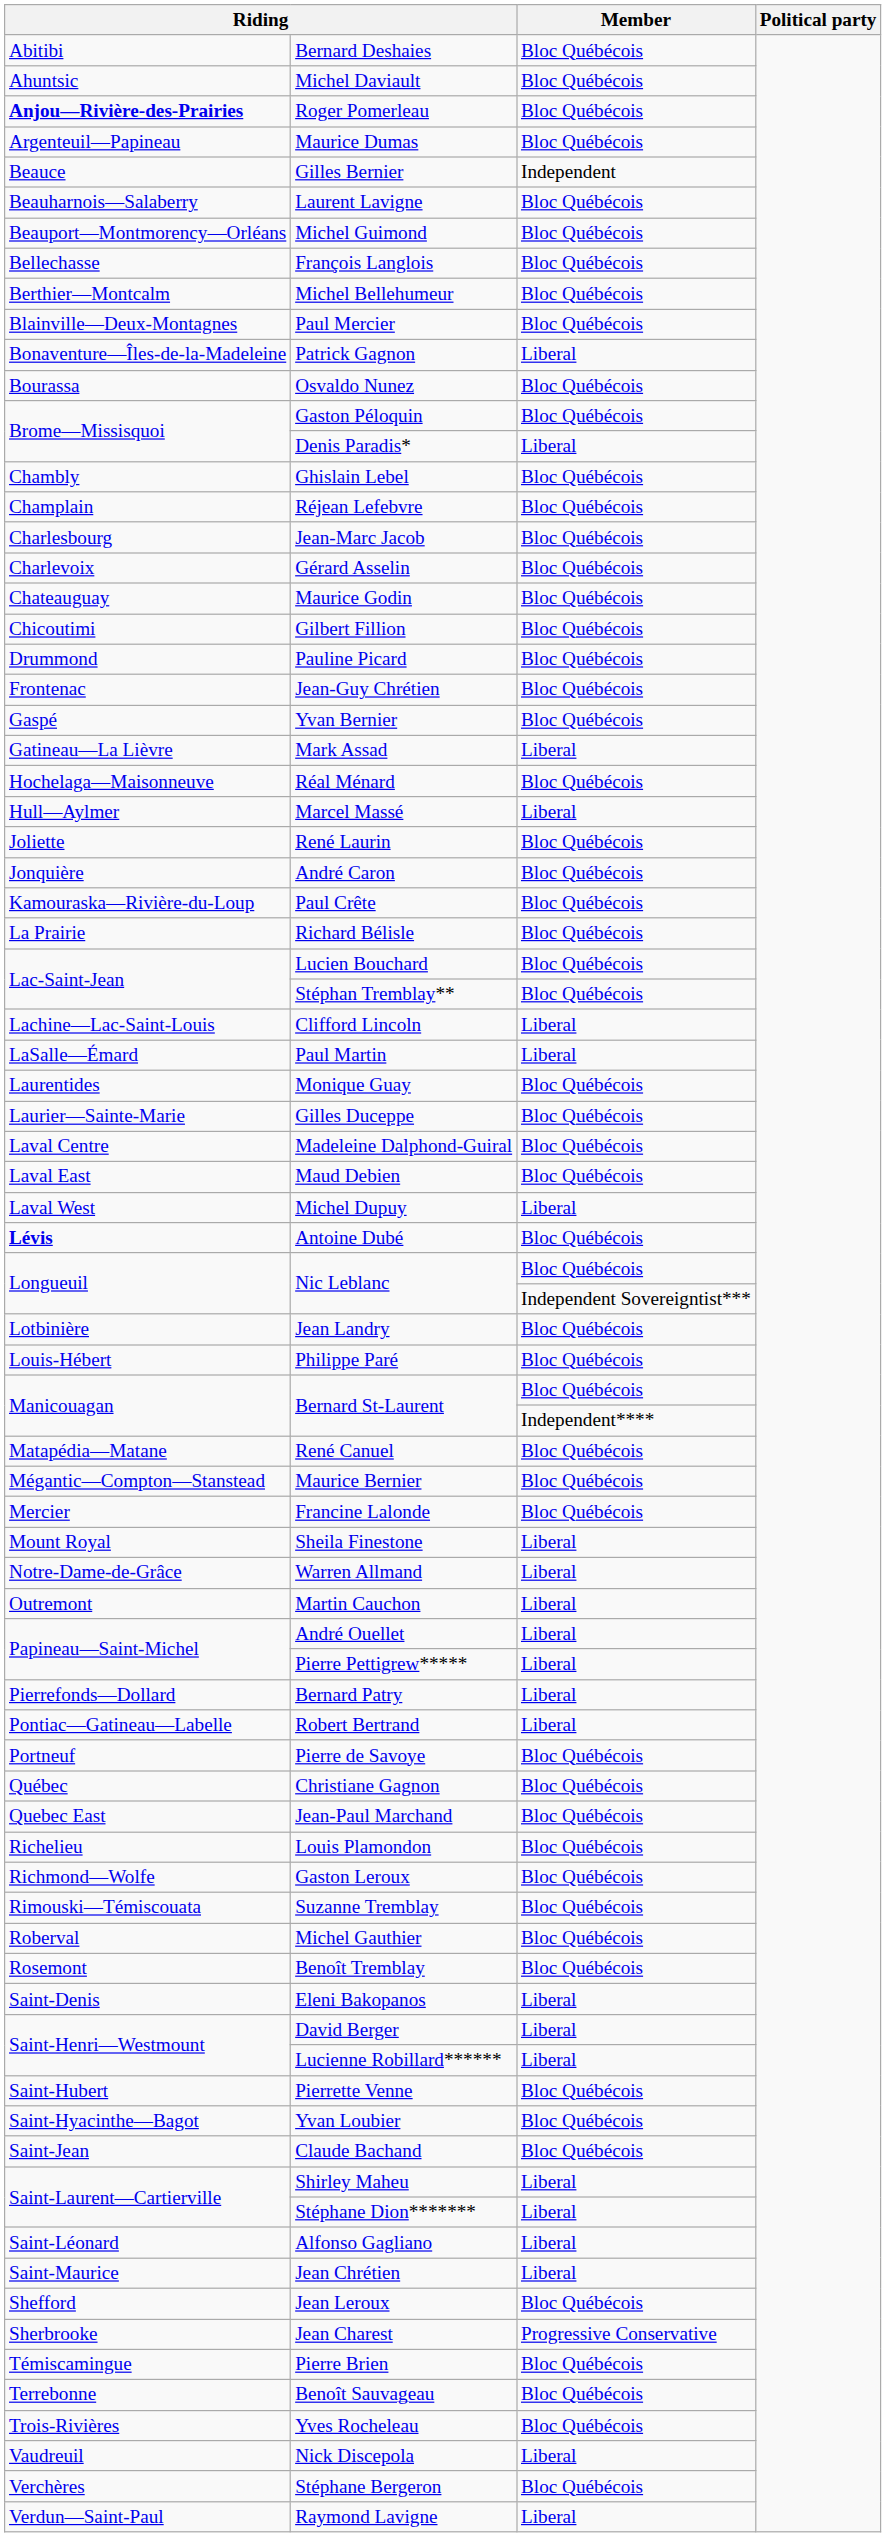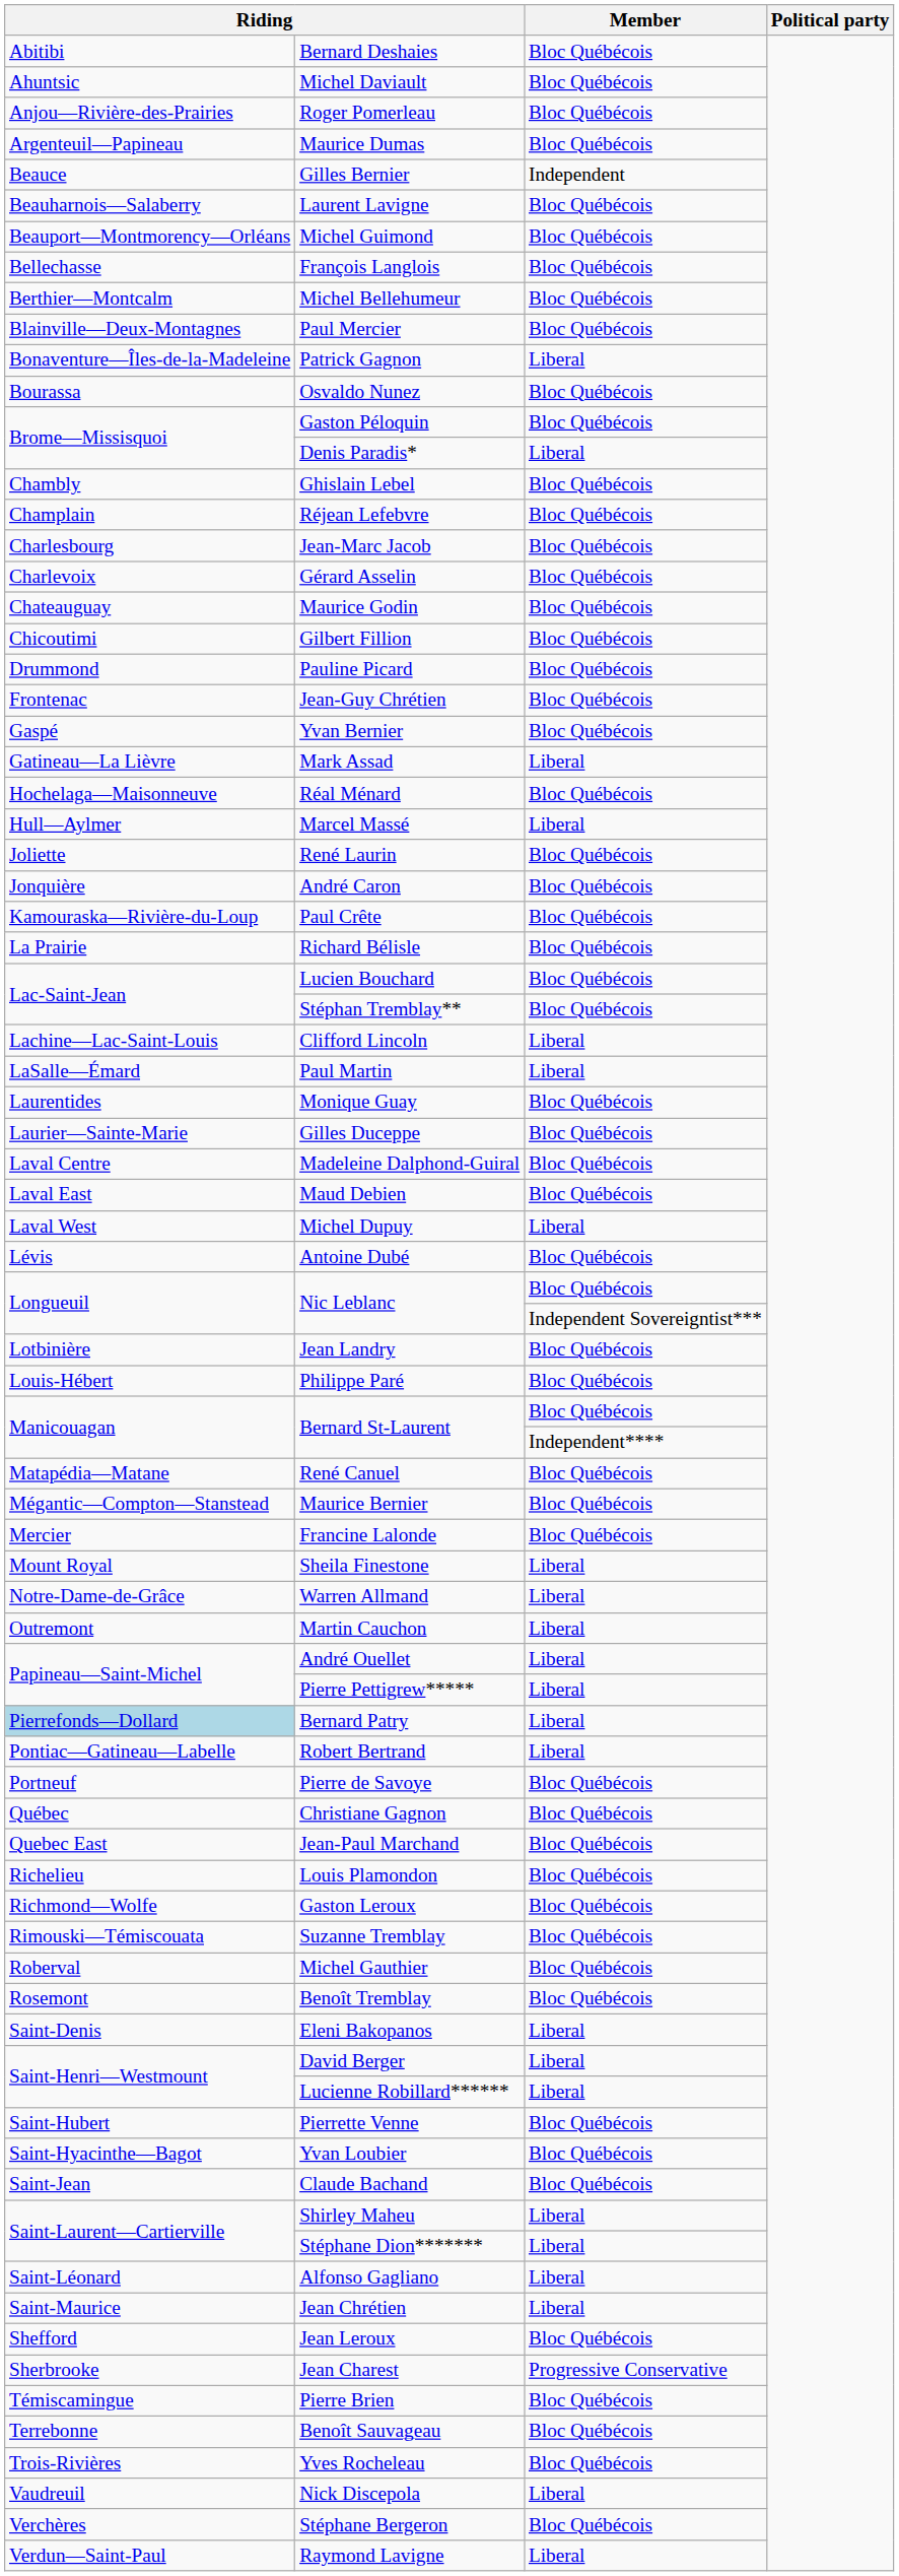 <table class="wikitable">
 <tr>
 <th colspan=2>Riding</th>
 <th>Member</th>
 <th>Political party</th>
 </tr>
 <tr>
 <td><a href='#'>Abitibi</a></td>
 <td><a href='#'>Bernard Deshaies</a></td>
 <td><a href='#'>Bloc Québécois</a></td>
 </tr>
 <tr>
 <td><a href='#'>Ahuntsic</a></td>
 <td><a href='#'>Michel Daviault</a></td>
 <td><a href='#'>Bloc Québécois</a></td>
 </tr>
 <tr>
-<td><strong><a href='#'>Anjou—Rivière-des-Prairies</a></strong></td>
+<td><a href='#'>Anjou—Rivière-des-Prairies</a></td>
 <td><a href='#'>Roger Pomerleau</a></td>
 <td><a href='#'>Bloc Québécois</a></td>
 </tr>
 <tr>
 <td><a href='#'>Argenteuil—Papineau</a></td>
 <td><a href='#'>Maurice Dumas</a></td>
 <td><a href='#'>Bloc Québécois</a></td>
 </tr>
 <tr>
 <td><a href='#'>Beauce</a></td>
 <td><a href='#'>Gilles Bernier</a></td>
 <td>Independent</td>
 </tr>
 <tr>
 <td><a href='#'>Beauharnois—Salaberry</a></td>
 <td><a href='#'>Laurent Lavigne</a></td>
 <td><a href='#'>Bloc Québécois</a></td>
 </tr>
 <tr>
 <td><a href='#'>Beauport—Montmorency—Orléans</a></td>
 <td><a href='#'>Michel Guimond</a></td>
 <td><a href='#'>Bloc Québécois</a></td>
 </tr>
 <tr>
 <td><a href='#'>Bellechasse</a></td>
 <td><a href='#'>François Langlois</a></td>
 <td><a href='#'>Bloc Québécois</a></td>
 </tr>
 <tr>
 <td><a href='#'>Berthier—Montcalm</a></td>
 <td><a href='#'>Michel Bellehumeur</a></td>
 <td><a href='#'>Bloc Québécois</a></td>
 </tr>
 <tr>
 <td><a href='#'>Blainville—Deux-Montagnes</a></td>
 <td><a href='#'>Paul Mercier</a></td>
 <td><a href='#'>Bloc Québécois</a></td>
 </tr>
 <tr>
 <td><a href='#'>Bonaventure—Îles-de-la-Madeleine</a></td>
 <td><a href='#'>Patrick Gagnon</a></td>
 <td><a href='#'>Liberal</a></td>
 </tr>
 <tr>
 <td><a href='#'>Bourassa</a></td>
 <td><a href='#'>Osvaldo Nunez</a></td>
 <td><a href='#'>Bloc Québécois</a></td>
 </tr>
 <tr>
 <td rowspan="2"><a href='#'>Brome—Missisquoi</a></td>
 <td><a href='#'>Gaston Péloquin</a></td>
 <td><a href='#'>Bloc Québécois</a></td>
 </tr>
 <tr>
 <td><a href='#'>Denis Paradis</a>*</td>
 <td><a href='#'>Liberal</a></td>
 </tr>
 <tr>
 <td><a href='#'>Chambly</a></td>
 <td><a href='#'>Ghislain Lebel</a></td>
 <td><a href='#'>Bloc Québécois</a></td>
 </tr>
 <tr>
 <td><a href='#'>Champlain</a></td>
 <td><a href='#'>Réjean Lefebvre</a></td>
 <td><a href='#'>Bloc Québécois</a></td>
 </tr>
 <tr>
 <td><a href='#'>Charlesbourg</a></td>
 <td><a href='#'>Jean-Marc Jacob</a></td>
 <td><a href='#'>Bloc Québécois</a></td>
 </tr>
 <tr>
 <td><a href='#'>Charlevoix</a></td>
 <td><a href='#'>Gérard Asselin</a></td>
 <td><a href='#'>Bloc Québécois</a></td>
 </tr>
 <tr>
 <td><a href='#'>Chateauguay</a></td>
 <td><a href='#'>Maurice Godin</a></td>
 <td><a href='#'>Bloc Québécois</a></td>
 </tr>
 <tr>
 <td><a href='#'>Chicoutimi</a></td>
 <td><a href='#'>Gilbert Fillion</a></td>
 <td><a href='#'>Bloc Québécois</a></td>
 </tr>
 <tr>
 <td><a href='#'>Drummond</a></td>
 <td><a href='#'>Pauline Picard</a></td>
 <td><a href='#'>Bloc Québécois</a></td>
 </tr>
 <tr>
 <td><a href='#'>Frontenac</a></td>
 <td><a href='#'>Jean-Guy Chrétien</a></td>
 <td><a href='#'>Bloc Québécois</a></td>
 </tr>
 <tr>
 <td><a href='#'>Gaspé</a></td>
 <td><a href='#'>Yvan Bernier</a></td>
 <td><a href='#'>Bloc Québécois</a></td>
 </tr>
 <tr>
 <td><a href='#'>Gatineau—La Lièvre</a></td>
 <td><a href='#'>Mark Assad</a></td>
 <td><a href='#'>Liberal</a></td>
 </tr>
 <tr>
 <td><a href='#'>Hochelaga—Maisonneuve</a></td>
 <td><a href='#'>Réal Ménard</a></td>
 <td><a href='#'>Bloc Québécois</a></td>
 </tr>
 <tr>
 <td><a href='#'>Hull—Aylmer</a></td>
 <td><a href='#'>Marcel Massé</a></td>
 <td><a href='#'>Liberal</a></td>
 </tr>
 <tr>
 <td><a href='#'>Joliette</a></td>
 <td><a href='#'>René Laurin</a></td>
 <td><a href='#'>Bloc Québécois</a></td>
 </tr>
 <tr>
 <td><a href='#'>Jonquière</a></td>
 <td><a href='#'>André Caron</a></td>
 <td><a href='#'>Bloc Québécois</a></td>
 </tr>
 <tr>
 <td><a href='#'>Kamouraska—Rivière-du-Loup</a></td>
 <td><a href='#'>Paul Crête</a></td>
 <td><a href='#'>Bloc Québécois</a></td>
 </tr>
 <tr>
 <td><a href='#'>La Prairie</a></td>
 <td><a href='#'>Richard Bélisle</a></td>
 <td><a href='#'>Bloc Québécois</a></td>
 </tr>
 <tr>
 <td rowspan="2"><a href='#'>Lac-Saint-Jean</a></td>
 <td><a href='#'>Lucien Bouchard</a></td>
 <td><a href='#'>Bloc Québécois</a></td>
 </tr>
 <tr>
 <td><a href='#'>Stéphan Tremblay</a>**</td>
 <td><a href='#'>Bloc Québécois</a></td>
 </tr>
 <tr>
 <td><a href='#'>Lachine—Lac-Saint-Louis</a></td>
 <td><a href='#'>Clifford Lincoln</a></td>
 <td><a href='#'>Liberal</a></td>
 </tr>
 <tr>
 <td><a href='#'>LaSalle—Émard</a></td>
 <td><a href='#'>Paul Martin</a></td>
 <td><a href='#'>Liberal</a></td>
 </tr>
 <tr>
 <td><a href='#'>Laurentides</a></td>
 <td><a href='#'>Monique Guay</a></td>
 <td><a href='#'>Bloc Québécois</a></td>
 </tr>
 <tr>
 <td><a href='#'>Laurier—Sainte-Marie</a></td>
 <td><a href='#'>Gilles Duceppe</a></td>
 <td><a href='#'>Bloc Québécois</a></td>
 </tr>
 <tr>
 <td><a href='#'>Laval Centre</a></td>
 <td><a href='#'>Madeleine Dalphond-Guiral</a></td>
 <td><a href='#'>Bloc Québécois</a></td>
 </tr>
 <tr>
 <td><a href='#'>Laval East</a></td>
 <td><a href='#'>Maud Debien</a></td>
 <td><a href='#'>Bloc Québécois</a></td>
 </tr>
 <tr>
 <td><a href='#'>Laval West</a></td>
 <td><a href='#'>Michel Dupuy</a></td>
 <td><a href='#'>Liberal</a></td>
 </tr>
 <tr>
-<td><strong><a href='#'>Lévis</a></strong></td>
+<td><a href='#'>Lévis</a></td>
 <td><a href='#'>Antoine Dubé</a></td>
 <td><a href='#'>Bloc Québécois</a></td>
 </tr>
 <tr>
 <td rowspan="2"><a href='#'>Longueuil</a></td>
 <td rowspan="2"><a href='#'>Nic Leblanc</a></td>
 <td><a href='#'>Bloc Québécois</a></td>
 </tr>
 <tr>
 <td>Independent Sovereigntist***</td>
 </tr>
 <tr>
 <td><a href='#'>Lotbinière</a></td>
 <td><a href='#'>Jean Landry</a></td>
 <td><a href='#'>Bloc Québécois</a></td>
 </tr>
 <tr>
 <td><a href='#'>Louis-Hébert</a></td>
 <td><a href='#'>Philippe Paré</a></td>
 <td><a href='#'>Bloc Québécois</a></td>
 </tr>
 <tr>
 <td rowspan="2"><a href='#'>Manicouagan</a></td>
 <td rowspan="2"><a href='#'>Bernard St-Laurent</a></td>
 <td><a href='#'>Bloc Québécois</a></td>
 </tr>
 <tr>
 <td>Independent****</td>
 </tr>
 <tr>
 <td><a href='#'>Matapédia—Matane</a></td>
 <td><a href='#'>René Canuel</a></td>
 <td><a href='#'>Bloc Québécois</a></td>
 </tr>
 <tr>
 <td><a href='#'>Mégantic—Compton—Stanstead</a></td>
 <td><a href='#'>Maurice Bernier</a></td>
 <td><a href='#'>Bloc Québécois</a></td>
 </tr>
 <tr>
 <td><a href='#'>Mercier</a></td>
 <td><a href='#'>Francine Lalonde</a></td>
 <td><a href='#'>Bloc Québécois</a></td>
 </tr>
 <tr>
 <td><a href='#'>Mount Royal</a></td>
 <td><a href='#'>Sheila Finestone</a></td>
 <td><a href='#'>Liberal</a></td>
 </tr>
 <tr>
 <td><a href='#'>Notre-Dame-de-Grâce</a></td>
 <td><a href='#'>Warren Allmand</a></td>
 <td><a href='#'>Liberal</a></td>
 </tr>
 <tr>
 <td><a href='#'>Outremont</a></td>
 <td><a href='#'>Martin Cauchon</a></td>
 <td><a href='#'>Liberal</a></td>
 </tr>
 <tr>
 <td rowspan="2"><a href='#'>Papineau—Saint-Michel</a></td>
 <td><a href='#'>André Ouellet</a></td>
 <td><a href='#'>Liberal</a></td>
 </tr>
 <tr>
 <td><a href='#'>Pierre Pettigrew</a>*****</td>
 <td><a href='#'>Liberal</a></td>
 </tr>
 <tr>
-<td><a href='#'>Pierrefonds—Dollard</a></td>
+<td style="background: lightblue;"><a href='#'>Pierrefonds—Dollard</a></td>
 <td><a href='#'>Bernard Patry</a></td>
 <td><a href='#'>Liberal</a></td>
 </tr>
 <tr>
 <td><a href='#'>Pontiac—Gatineau—Labelle</a></td>
 <td><a href='#'>Robert Bertrand</a></td>
 <td><a href='#'>Liberal</a></td>
 </tr>
 <tr>
 <td><a href='#'>Portneuf</a></td>
 <td><a href='#'>Pierre de Savoye</a></td>
 <td><a href='#'>Bloc Québécois</a></td>
 </tr>
 <tr>
 <td><a href='#'>Québec</a></td>
 <td><a href='#'>Christiane Gagnon</a></td>
 <td><a href='#'>Bloc Québécois</a></td>
 </tr>
 <tr>
 <td><a href='#'>Quebec East</a></td>
 <td><a href='#'>Jean-Paul Marchand</a></td>
 <td><a href='#'>Bloc Québécois</a></td>
 </tr>
 <tr>
 <td><a href='#'>Richelieu</a></td>
 <td><a href='#'>Louis Plamondon</a></td>
 <td><a href='#'>Bloc Québécois</a></td>
 </tr>
 <tr>
 <td><a href='#'>Richmond—Wolfe</a></td>
 <td><a href='#'>Gaston Leroux</a></td>
 <td><a href='#'>Bloc Québécois</a></td>
 </tr>
 <tr>
 <td><a href='#'>Rimouski—Témiscouata</a></td>
 <td><a href='#'>Suzanne Tremblay</a></td>
 <td><a href='#'>Bloc Québécois</a></td>
 </tr>
 <tr>
 <td><a href='#'>Roberval</a></td>
 <td><a href='#'>Michel Gauthier</a></td>
 <td><a href='#'>Bloc Québécois</a></td>
 </tr>
 <tr>
 <td><a href='#'>Rosemont</a></td>
 <td><a href='#'>Benoît Tremblay</a></td>
 <td><a href='#'>Bloc Québécois</a></td>
 </tr>
 <tr>
 <td><a href='#'>Saint-Denis</a></td>
 <td><a href='#'>Eleni Bakopanos</a></td>
 <td><a href='#'>Liberal</a></td>
 </tr>
 <tr>
 <td rowspan="2"><a href='#'>Saint-Henri—Westmount</a></td>
 <td><a href='#'>David Berger</a></td>
 <td><a href='#'>Liberal</a></td>
 </tr>
 <tr>
 <td><a href='#'>Lucienne Robillard</a>******</td>
 <td><a href='#'>Liberal</a></td>
 </tr>
 <tr>
 <td><a href='#'>Saint-Hubert</a></td>
 <td><a href='#'>Pierrette Venne</a></td>
 <td><a href='#'>Bloc Québécois</a></td>
 </tr>
 <tr>
 <td><a href='#'>Saint-Hyacinthe—Bagot</a></td>
 <td><a href='#'>Yvan Loubier</a></td>
 <td><a href='#'>Bloc Québécois</a></td>
 </tr>
 <tr>
 <td><a href='#'>Saint-Jean</a></td>
 <td><a href='#'>Claude Bachand</a></td>
 <td><a href='#'>Bloc Québécois</a></td>
 </tr>
 <tr>
 <td rowspan="2"><a href='#'>Saint-Laurent—Cartierville</a></td>
 <td><a href='#'>Shirley Maheu</a></td>
 <td><a href='#'>Liberal</a></td>
 </tr>
 <tr>
 <td><a href='#'>Stéphane Dion</a>*******</td>
 <td><a href='#'>Liberal</a></td>
 </tr>
 <tr>
 <td><a href='#'>Saint-Léonard</a></td>
 <td><a href='#'>Alfonso Gagliano</a></td>
 <td><a href='#'>Liberal</a></td>
 </tr>
 <tr>
 <td><a href='#'>Saint-Maurice</a></td>
 <td><a href='#'>Jean Chrétien</a></td>
 <td><a href='#'>Liberal</a></td>
 </tr>
 <tr>
 <td><a href='#'>Shefford</a></td>
 <td><a href='#'>Jean Leroux</a></td>
 <td><a href='#'>Bloc Québécois</a></td>
 </tr>
 <tr>
 <td><a href='#'>Sherbrooke</a></td>
 <td><a href='#'>Jean Charest</a></td>
 <td><a href='#'>Progressive Conservative</a></td>
 </tr>
 <tr>
 <td><a href='#'>Témiscamingue</a></td>
 <td><a href='#'>Pierre Brien</a></td>
 <td><a href='#'>Bloc Québécois</a></td>
 </tr>
 <tr>
 <td><a href='#'>Terrebonne</a></td>
 <td><a href='#'>Benoît Sauvageau</a></td>
 <td><a href='#'>Bloc Québécois</a></td>
 </tr>
 <tr>
 <td><a href='#'>Trois-Rivières</a></td>
 <td><a href='#'>Yves Rocheleau</a></td>
 <td><a href='#'>Bloc Québécois</a></td>
 </tr>
 <tr>
 <td><a href='#'>Vaudreuil</a></td>
 <td><a href='#'>Nick Discepola</a></td>
 <td><a href='#'>Liberal</a></td>
 </tr>
 <tr>
 <td><a href='#'>Verchères</a></td>
 <td><a href='#'>Stéphane Bergeron</a></td>
 <td><a href='#'>Bloc Québécois</a></td>
 </tr>
 <tr>
 <td><a href='#'>Verdun—Saint-Paul</a></td>
 <td><a href='#'>Raymond Lavigne</a></td>
 <td><a href='#'>Liberal</a></td>
 </tr>
 </table>
